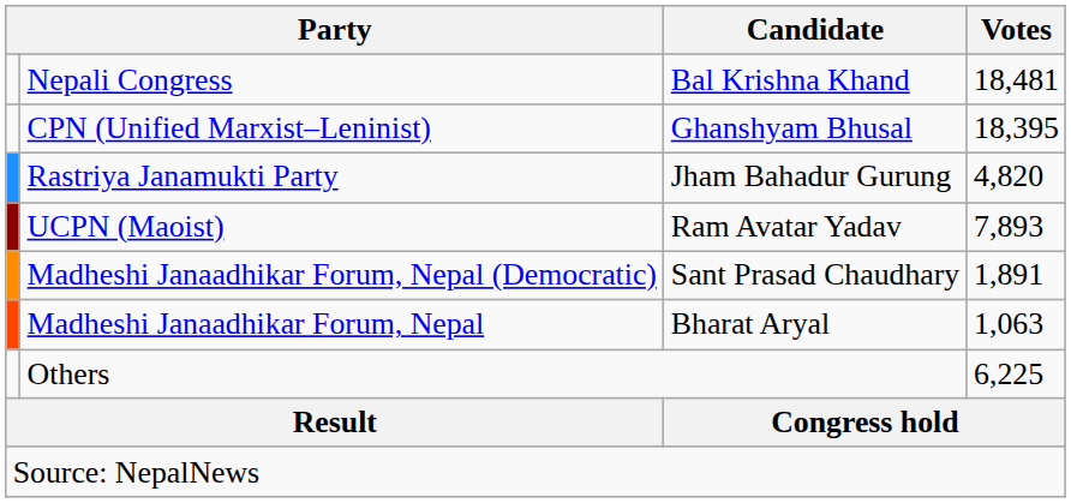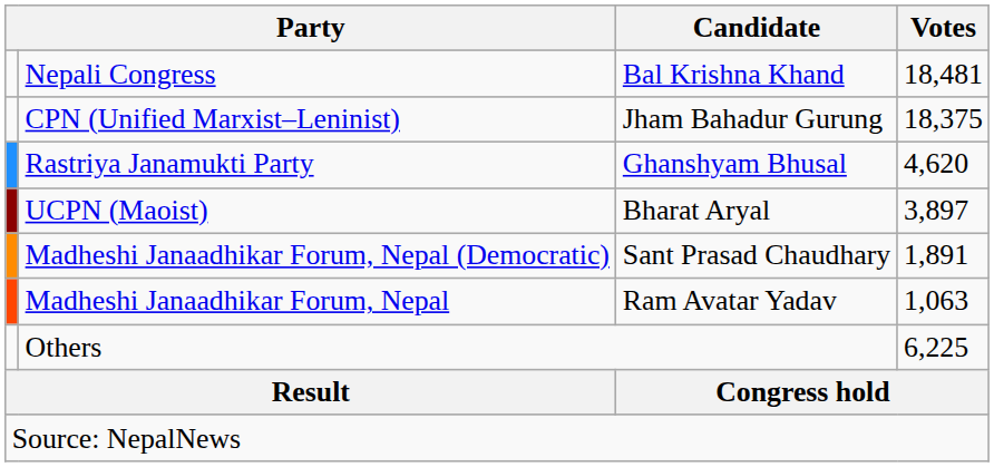 <table class="wikitable">
 <tr>
 <th colspan="2">Party</th>
 <th>Candidate</th>
 <th>Votes</th>
 </tr>
 <tr>
 <td style="background-color:"></td>
 <td><a href='#'>Nepali Congress</a></td>
 <td><a href='#'>Bal Krishna Khand</a></td>
 <td>18,481</td>
 </tr>
 <tr>
 <td style="background-color:"></td>
 <td><a href='#'>CPN (Unified Marxist–Leninist)</a></td>
-<td><a href='#'>Ghanshyam Bhusal</a></td>
-<td>18,395</td>
+<td>Jham Bahadur Gurung</td>
+<td>18,375</td>
 </tr>
 <tr>
 <td style="background-color:dodgerblue"></td>
 <td><a href='#'>Rastriya Janamukti Party</a></td>
-<td>Jham Bahadur Gurung</td>
-<td>4,820</td>
+<td><a href='#'>Ghanshyam Bhusal</a></td>
+<td>4,620</td>
 </tr>
 <tr>
 <td style="background-color:darkred"></td>
 <td><a href='#'>UCPN (Maoist)</a></td>
-<td>Ram Avatar Yadav</td>
-<td>7,893</td>
+<td>Bharat Aryal</td>
+<td>3,897</td>
 </tr>
 <tr>
 <td style="background-color:darkorange"></td>
 <td><a href='#'>Madheshi Janaadhikar Forum, Nepal (Democratic)</a></td>
 <td>Sant Prasad Chaudhary</td>
 <td>1,891</td>
 </tr>
 <tr>
 <td style="background-color:orangered"></td>
 <td><a href='#'>Madheshi Janaadhikar Forum, Nepal</a></td>
-<td>Bharat Aryal</td>
+<td>Ram Avatar Yadav</td>
 <td>1,063</td>
 </tr>
 <tr>
 <td></td>
 <td colspan="2">Others</td>
 <td>6,225</td>
 </tr>
 <tr>
 <th colspan="2">Result</th>
 <th colspan="2">Congress hold</th>
 </tr>
 <tr>
 <td colspan="4">Source: NepalNews</td>
 </tr>
 </table>
